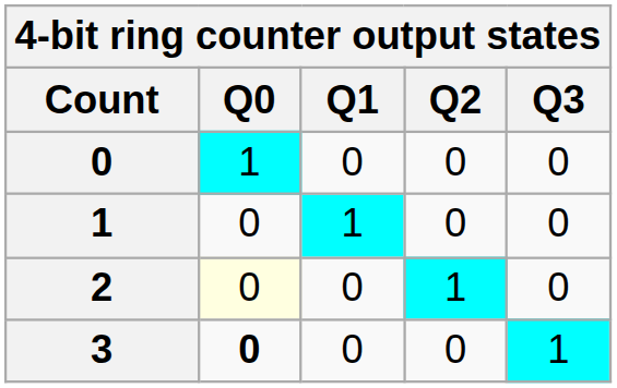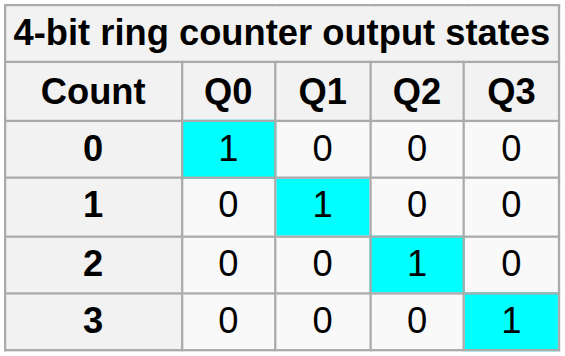 <table class="wikitable" style="text-align:center">
 <tr>
 <th colspan="5">4-bit ring counter output states</th>
 </tr>
 <tr>
 <th>Count</th>
 <th>Q0</th>
 <th>Q1</th>
 <th>Q2</th>
 <th>Q3</th>
 </tr>
 <tr>
 <th>0</th>
 <td style="background:#0FF">1</td>
 <td>0</td>
 <td>0</td>
 <td>0</td>
 </tr>
 <tr>
 <th>1</th>
 <td>0</td>
 <td style="background:#0FF">1</td>
 <td>0</td>
 <td>0</td>
 </tr>
 <tr>
 <th>2</th>
-<td style="background: lightyellow;">0</td>
+<td>0</td>
 <td>0</td>
 <td style="background:#0FF">1</td>
 <td>0</td>
 </tr>
 <tr>
 <th>3</th>
-<td><strong>0</strong></td>
+<td>0</td>
 <td>0</td>
 <td>0</td>
 <td style="background:#0FF">1</td>
 </tr>
 </table>
